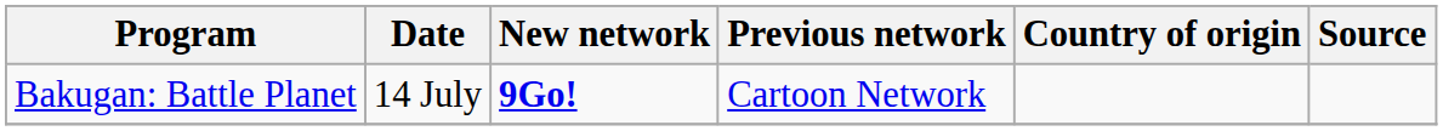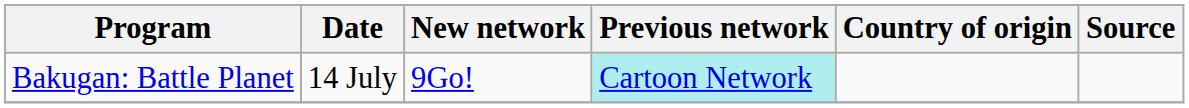 <table class="wikitable plainrowheaders sortable" style="text-align:left">
 <tr>
 <th scope="col">Program</th>
 <th scope="col">Date</th>
 <th scope="col">New network</th>
 <th scope="col">Previous network</th>
 <th scope="col">Country of origin</th>
 <th scope="col" class="unsortable">Source</th>
 </tr>
 <tr>
 <td><a href='#'>Bakugan: Battle Planet</a></td>
 <td>14 July</td>
-<td><strong><a href='#'>9Go!</a></strong></td>
-<td><a href='#'>Cartoon Network</a></td>
+<td><a href='#'>9Go!</a></td>
+<td style="background: paleturquoise;"><a href='#'>Cartoon Network</a></td>
 <td></td>
 <td></td>
 </tr>
 <tr>
 </tr>
 </table>
